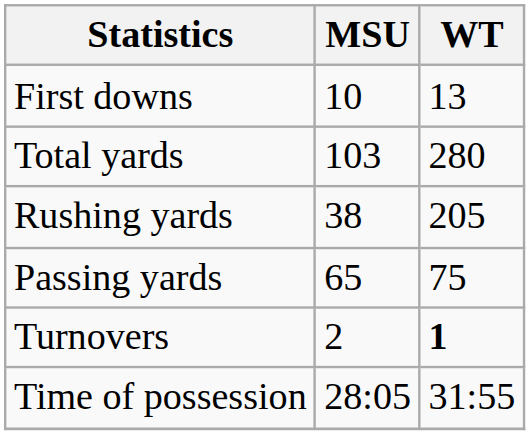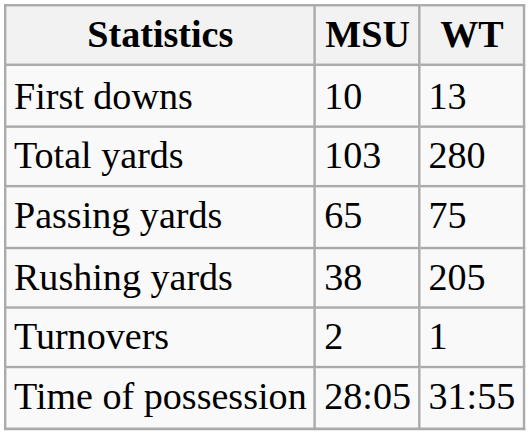 <table class="wikitable" style="float: left;">
 <tr>
 <th>Statistics</th>
 <th>MSU</th>
 <th>WT</th>
 </tr>
 <tr>
 <td>First downs</td>
 <td>10</td>
 <td>13</td>
 </tr>
 <tr>
 <td>Total yards</td>
 <td>103</td>
 <td>280</td>
 </tr>
 <tr>
+<td>Passing yards</td>
+<td>65</td>
+<td>75</td>
+</tr>
+<tr>
 <td>Rushing yards</td>
 <td>38</td>
 <td>205</td>
 </tr>
 <tr>
-<td>Passing yards</td>
-<td>65</td>
-<td>75</td>
-</tr>
-<tr>
 <td>Turnovers</td>
 <td>2</td>
-<td><strong>1</strong></td>
+<td>1</td>
 </tr>
 <tr>
 <td>Time of possession</td>
 <td>28:05</td>
 <td>31:55</td>
 </tr>
 <tr>
 </tr>
 </table>
